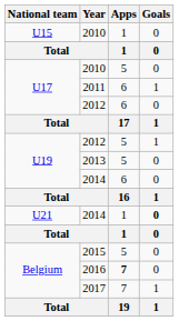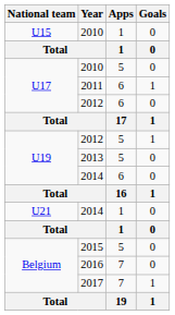 <table class="wikitable" style="text-align:center">
 <tr>
 <th>National team</th>
 <th>Year</th>
 <th>Apps</th>
 <th>Goals</th>
 </tr>
 <tr>
 <td><a href='#'>U15</a></td>
 <td>2010</td>
 <td>1</td>
 <td>0</td>
 </tr>
 <tr>
 <th colspan="2">Total</th>
 <th>1</th>
 <th>0</th>
 </tr>
 <tr>
 <td rowspan=3><a href='#'>U17</a></td>
 <td>2010</td>
 <td>5</td>
 <td>0</td>
 </tr>
 <tr>
 <td>2011</td>
 <td>6</td>
 <td>1</td>
 </tr>
 <tr>
 <td>2012</td>
 <td>6</td>
 <td>0</td>
 </tr>
 <tr>
 <th colspan="2">Total</th>
 <th>17</th>
 <th>1</th>
 </tr>
 <tr>
 <td rowspan=3><a href='#'>U19</a></td>
 <td>2012</td>
 <td>5</td>
 <td>1</td>
 </tr>
 <tr>
 <td>2013</td>
 <td>5</td>
 <td>0</td>
 </tr>
 <tr>
 <td>2014</td>
 <td>6</td>
 <td>0</td>
 </tr>
 <tr>
 <th colspan="2">Total</th>
 <th>16</th>
 <th>1</th>
 </tr>
 <tr>
 <td><a href='#'>U21</a></td>
 <td>2014</td>
 <td>1</td>
-<td><strong>0</strong></td>
+<td>0</td>
 </tr>
 <tr>
 <th colspan="2">Total</th>
 <th>1</th>
 <th>0</th>
 </tr>
 <tr>
 <td rowspan=3><a href='#'>Belgium</a></td>
 <td>2015</td>
 <td>5</td>
 <td>0</td>
 </tr>
 <tr>
 <td>2016</td>
-<td><strong>7</strong></td>
+<td>7</td>
 <td>0</td>
 </tr>
 <tr>
 <td>2017</td>
 <td>7</td>
 <td>1</td>
 </tr>
 <tr>
 <th colspan="2">Total</th>
 <th>19</th>
 <th>1</th>
 </tr>
 </table>
